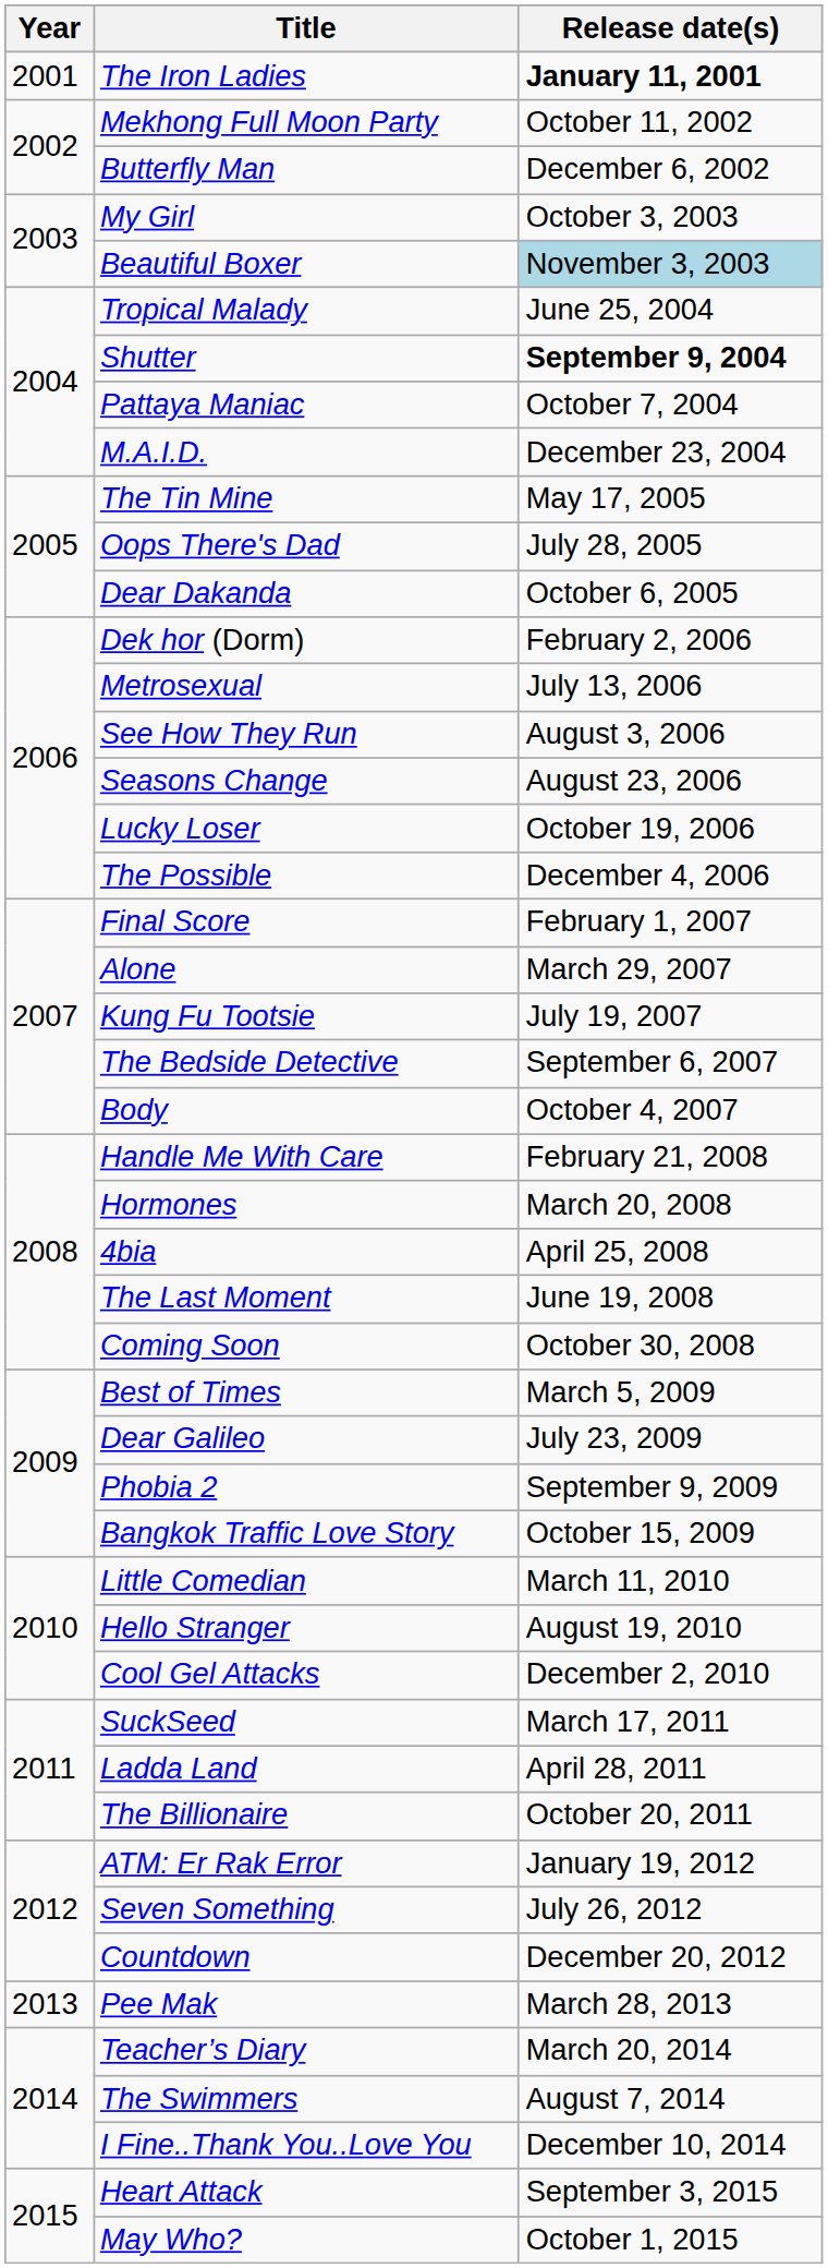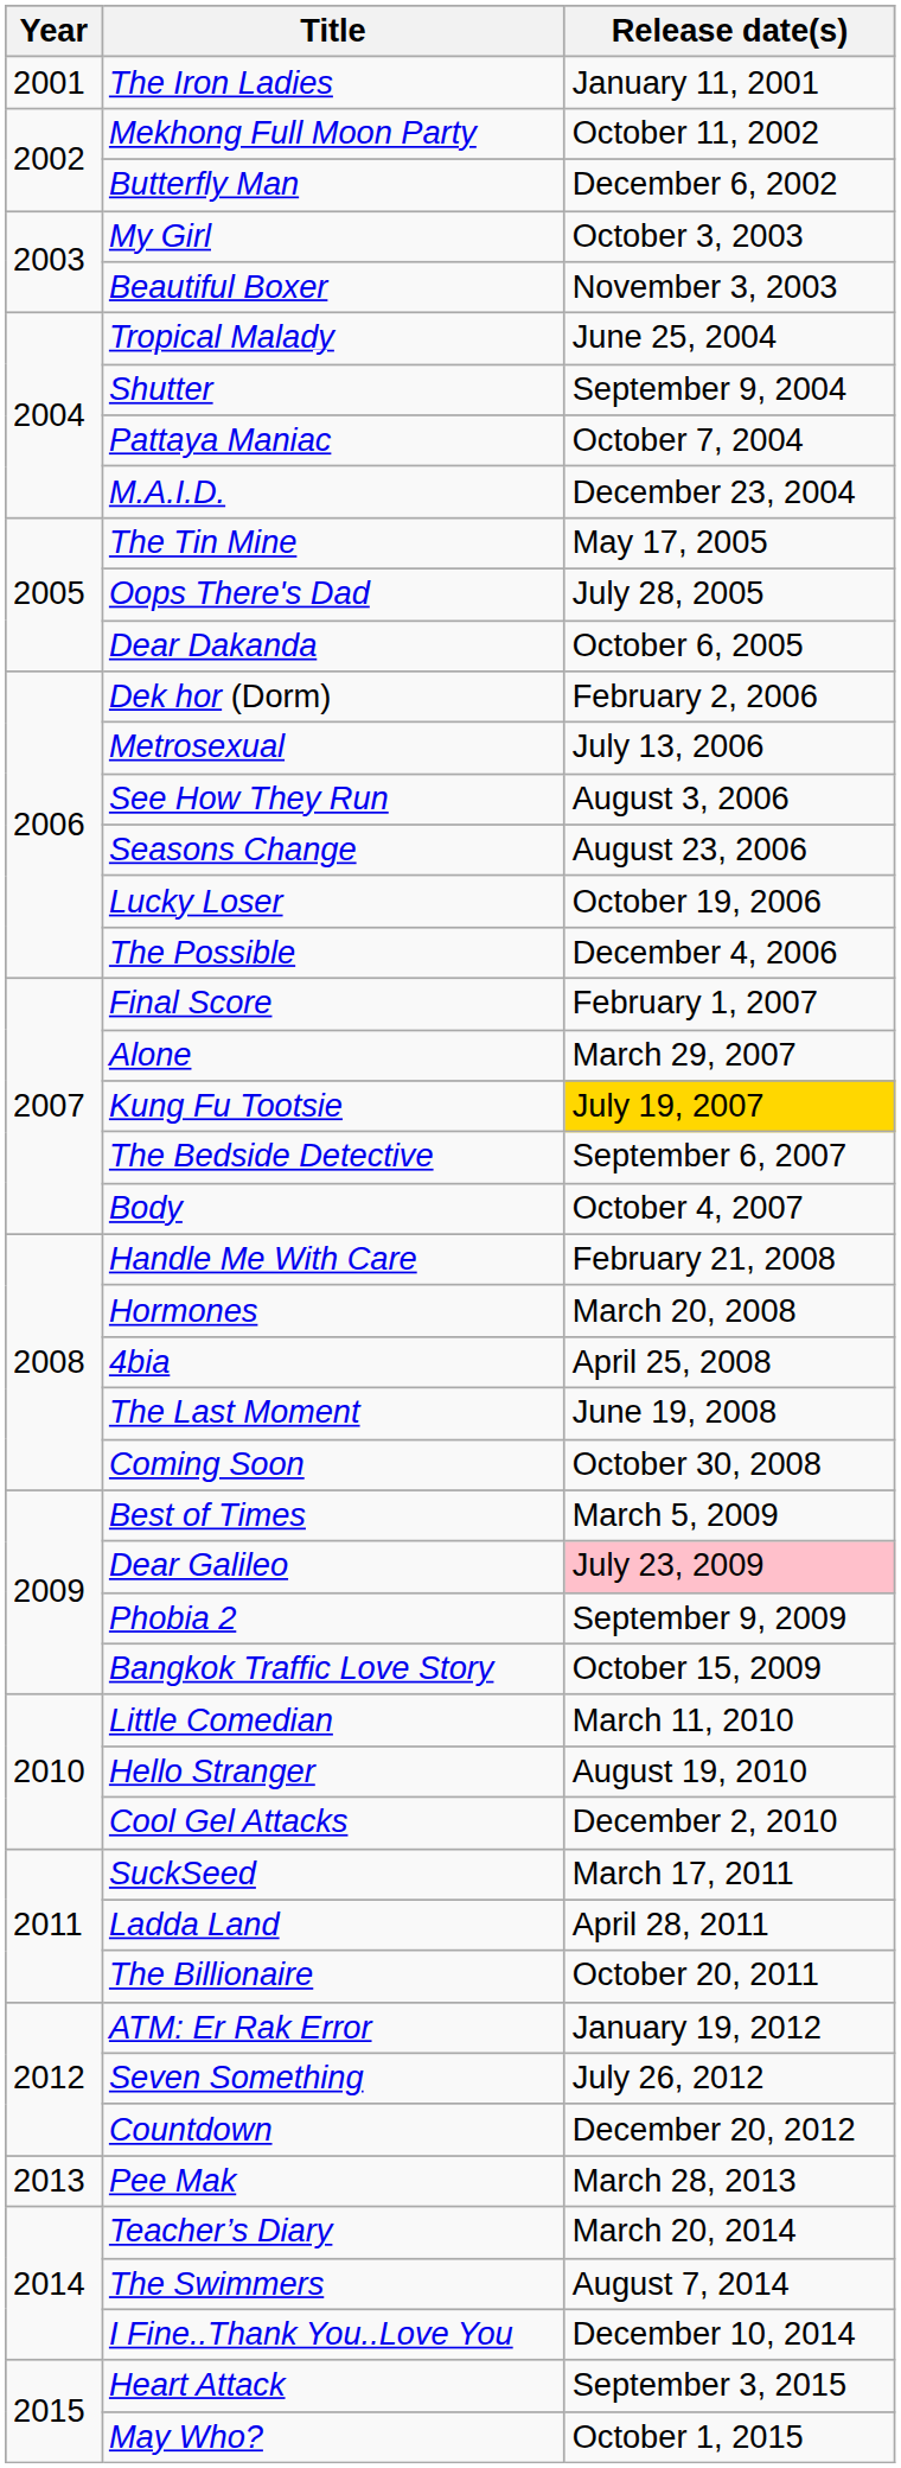 <table class="wikitable" width="50%">
 <tr bgcolor="#CCCCCC">
 <th>Year</th>
 <th>Title</th>
 <th>Release date(s) </th>
 </tr>
 <tr>
 <td>2001</td>
 <td><em><a href='#'>The Iron Ladies</a></em></td>
-<td><strong>January 11, 2001</strong></td>
+<td>January 11, 2001</td>
 </tr>
 <tr>
 <td rowspan=2>2002</td>
 <td><em><a href='#'>Mekhong Full Moon Party</a></em></td>
 <td>October 11, 2002</td>
 </tr>
 <tr>
 <td><em><a href='#'>Butterfly Man</a></em></td>
 <td>December 6, 2002</td>
 </tr>
 <tr>
 <td rowspan=2>2003</td>
 <td><em><a href='#'>My Girl</a></em></td>
 <td>October 3, 2003</td>
 </tr>
 <tr>
 <td><em><a href='#'>Beautiful Boxer</a></em></td>
-<td style="background: lightblue;">November 3, 2003</td>
+<td>November 3, 2003</td>
 </tr>
 <tr>
 <td rowspan=4>2004</td>
 <td><em><a href='#'>Tropical Malady</a></em></td>
 <td>June 25, 2004</td>
 </tr>
 <tr>
 <td><em><a href='#'>Shutter</a></em></td>
-<td><strong>September 9, 2004</strong></td>
+<td>September 9, 2004</td>
 </tr>
 <tr>
 <td><em><a href='#'>Pattaya Maniac</a></em></td>
 <td>October 7, 2004</td>
 </tr>
 <tr>
 <td><em><a href='#'>M.A.I.D.</a></em></td>
 <td>December 23, 2004</td>
 </tr>
 <tr>
 <td rowspan=3>2005</td>
 <td><em><a href='#'>The Tin Mine</a></em></td>
 <td>May 17, 2005</td>
 </tr>
 <tr>
 <td><em><a href='#'>Oops There's Dad</a></em></td>
 <td>July 28, 2005</td>
 </tr>
 <tr>
 <td><em><a href='#'>Dear Dakanda</a></em></td>
 <td>October 6, 2005</td>
 </tr>
 <tr>
 <td rowspan=6>2006</td>
 <td><em><a href='#'>Dek hor</a></em> (Dorm)</td>
 <td>February 2, 2006</td>
 </tr>
 <tr>
 <td><em><a href='#'>Metrosexual</a></em></td>
 <td>July 13, 2006</td>
 </tr>
 <tr>
 <td><em><a href='#'>See How They Run</a></em></td>
 <td>August 3, 2006</td>
 </tr>
 <tr>
 <td><em><a href='#'>Seasons Change</a></em></td>
 <td>August 23, 2006</td>
 </tr>
 <tr>
 <td><em><a href='#'>Lucky Loser</a></em></td>
 <td>October 19, 2006</td>
 </tr>
 <tr>
 <td><em><a href='#'>The Possible</a></em></td>
 <td>December 4, 2006</td>
 </tr>
 <tr>
 <td rowspan=5>2007</td>
 <td><em><a href='#'>Final Score</a></em></td>
 <td>February 1, 2007</td>
 </tr>
 <tr>
 <td><em><a href='#'>Alone</a></em></td>
 <td>March 29, 2007</td>
 </tr>
 <tr>
 <td><em><a href='#'>Kung Fu Tootsie</a></em></td>
-<td>July 19, 2007</td>
+<td style="background: gold;">July 19, 2007</td>
 </tr>
 <tr>
 <td><em><a href='#'>The Bedside Detective</a></em></td>
 <td>September 6, 2007</td>
 </tr>
 <tr>
 <td><em><a href='#'>Body</a></em></td>
 <td>October 4, 2007</td>
 </tr>
 <tr>
 <td rowspan=5>2008</td>
 <td><em><a href='#'>Handle Me With Care</a></em></td>
 <td>February 21, 2008</td>
 </tr>
 <tr>
 <td><em><a href='#'>Hormones</a></em></td>
 <td>March 20, 2008</td>
 </tr>
 <tr>
 <td><em><a href='#'>4bia</a></em></td>
 <td>April 25, 2008</td>
 </tr>
 <tr>
 <td><em><a href='#'>The Last Moment</a></em></td>
 <td>June 19, 2008</td>
 </tr>
 <tr>
 <td><em><a href='#'>Coming Soon</a></em></td>
 <td>October 30, 2008</td>
 </tr>
 <tr>
 <td rowspan=4>2009</td>
 <td><em><a href='#'>Best of Times</a></em></td>
 <td>March 5, 2009</td>
 </tr>
 <tr>
 <td><em><a href='#'>Dear Galileo</a></em></td>
-<td>July 23, 2009</td>
+<td style="background: pink;">July 23, 2009</td>
 </tr>
 <tr>
 <td><em><a href='#'>Phobia 2</a></em></td>
 <td>September 9, 2009</td>
 </tr>
 <tr>
 <td><em><a href='#'>Bangkok Traffic Love Story</a></em></td>
 <td>October 15, 2009</td>
 </tr>
 <tr>
 <td rowspan=3>2010</td>
 <td><em><a href='#'>Little Comedian</a></em></td>
 <td>March 11, 2010</td>
 </tr>
 <tr>
 <td><em><a href='#'>Hello Stranger</a></em></td>
 <td>August 19, 2010</td>
 </tr>
 <tr>
 <td><em><a href='#'>Cool Gel Attacks</a></em></td>
 <td>December 2, 2010</td>
 </tr>
 <tr>
 <td rowspan=3>2011</td>
 <td><em><a href='#'>SuckSeed</a></em></td>
 <td>March 17, 2011</td>
 </tr>
 <tr>
 <td><em><a href='#'>Ladda Land</a></em></td>
 <td>April 28, 2011</td>
 </tr>
 <tr>
 <td><em><a href='#'>The Billionaire</a></em></td>
 <td>October 20, 2011</td>
 </tr>
 <tr>
 <td rowspan=3>2012</td>
 <td><em><a href='#'>ATM: Er Rak Error</a></em></td>
 <td>January 19, 2012</td>
 </tr>
 <tr>
 <td><em><a href='#'>Seven Something</a></em></td>
 <td>July 26, 2012</td>
 </tr>
 <tr>
 <td><em><a href='#'>Countdown</a></em></td>
 <td>December 20, 2012</td>
 </tr>
 <tr>
 <td>2013</td>
 <td><em><a href='#'>Pee Mak</a></em></td>
 <td>March 28, 2013</td>
 </tr>
 <tr>
 <td rowspan=3>2014</td>
 <td><em><a href='#'>Teacher’s Diary</a></em></td>
 <td>March 20, 2014</td>
 </tr>
 <tr>
 <td><em><a href='#'>The Swimmers</a></em></td>
 <td>August 7, 2014</td>
 </tr>
 <tr>
 <td><em><a href='#'>I Fine..Thank You..Love You</a></em></td>
 <td>December 10, 2014</td>
 </tr>
 <tr>
 <td rowspan=2>2015</td>
 <td><em><a href='#'>Heart Attack</a></em></td>
 <td>September 3, 2015</td>
 </tr>
 <tr>
 <td><em><a href='#'>May Who?</a></em></td>
 <td>October 1, 2015</td>
 </tr>
 </table>
